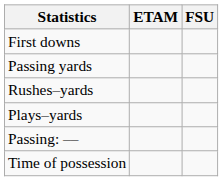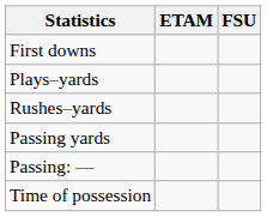 <table class="wikitable" style="float:left">
 <tr>
 <th>Statistics</th>
 <th>ETAM</th>
 <th>FSU</th>
 </tr>
 <tr>
 <td>First downs</td>
 <td></td>
 <td></td>
 </tr>
 <tr>
-<td>Passing yards</td>
+<td>Plays–yards</td>
 <td></td>
 <td></td>
 </tr>
 <tr>
 <td>Rushes–yards</td>
 <td></td>
 <td></td>
 </tr>
 <tr>
-<td>Plays–yards</td>
+<td>Passing yards</td>
 <td></td>
 <td></td>
 </tr>
 <tr>
 <td>Passing: ––</td>
 <td></td>
 <td></td>
 </tr>
 <tr>
 <td>Time of possession</td>
 <td></td>
 <td></td>
 </tr>
 </table>
